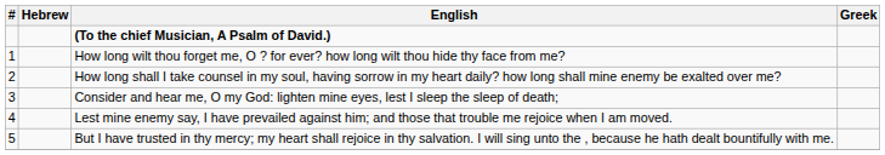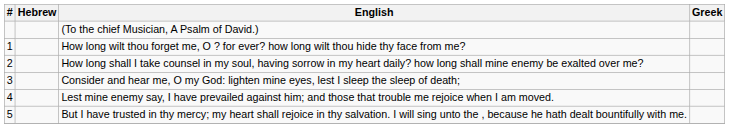 <table class=wikitable>
 <tr>
 <th>#</th>
 <th>Hebrew</th>
 <th>English</th>
 <th>Greek</th>
 </tr>
 <tr>
 <td style="text-align:right"></td>
 <td style="text-align:right"></td>
-<td><strong>(To the chief Musician, A Psalm of David.)</strong></td>
+<td>(To the chief Musician, A Psalm of David.)</td>
 <td></td>
 </tr>
 <tr>
 <td style="text-align:right">1</td>
 <td style="text-align:right"></td>
 <td>How long wilt thou forget me, O ? for ever? how long wilt thou hide thy face from me?</td>
 <td></td>
 </tr>
 <tr>
 <td style="text-align:right">2</td>
 <td style="text-align:right"></td>
 <td>How long shall I take counsel in my soul, having sorrow in my heart daily? how long shall mine enemy be exalted over me?</td>
 <td></td>
 </tr>
 <tr>
 <td style="text-align:right">3</td>
 <td style="text-align:right"></td>
 <td>Consider and hear me, O  my God: lighten mine eyes, lest I sleep the sleep of death;</td>
 <td></td>
 </tr>
 <tr>
 <td style="text-align:right">4</td>
 <td style="text-align:right"></td>
 <td>Lest mine enemy say, I have prevailed against him; and those that trouble me rejoice when I am moved.</td>
 <td></td>
 </tr>
 <tr>
 <td style="text-align:right">5</td>
 <td style="text-align:right"></td>
 <td>But I have trusted in thy mercy; my heart shall rejoice in thy salvation. I will sing unto the , because he hath dealt bountifully with me.</td>
 <td></td>
 </tr>
 <tr>
 </tr>
 </table>
